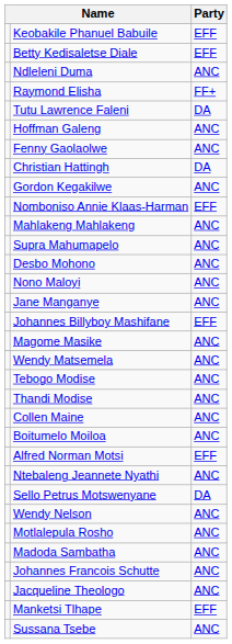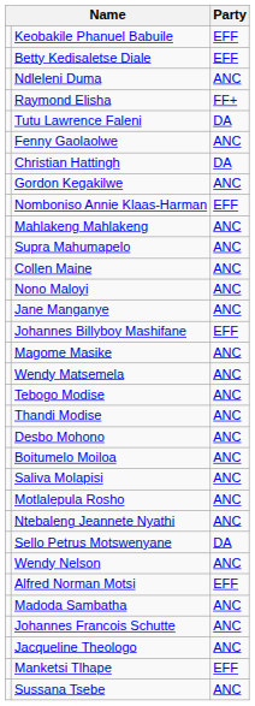 <table class="wikitable sortable">
 <tr>
 <th colspan="2">Name</th>
 <th>Party</th>
 </tr>
 <tr>
 <td></td>
 <td><a href='#'>Keobakile Phanuel Babuile</a></td>
 <td><a href='#'>EFF</a></td>
 </tr>
 <tr>
 <td></td>
 <td><a href='#'>Betty Kedisaletse Diale</a></td>
 <td><a href='#'>EFF</a></td>
 </tr>
 <tr>
 <td style="background-color: "></td>
 <td><a href='#'>Ndleleni Duma</a></td>
 <td><a href='#'>ANC</a></td>
 </tr>
 <tr>
 <td style="background-color: "></td>
 <td><a href='#'>Raymond Elisha</a></td>
 <td><a href='#'>FF+</a></td>
 </tr>
 <tr>
 <td></td>
 <td><a href='#'>Tutu Lawrence Faleni</a></td>
 <td><a href='#'>DA</a></td>
-</tr>
-<tr>
-<td style="background-color: "></td>
-<td><a href='#'>Hoffman Galeng</a></td>
-<td><a href='#'>ANC</a></td>
 </tr>
 <tr>
 <td style="background-color: "></td>
 <td><a href='#'>Fenny Gaolaolwe</a></td>
 <td><a href='#'>ANC</a></td>
 </tr>
 <tr>
 <td></td>
 <td><a href='#'>Christian Hattingh</a></td>
 <td><a href='#'>DA</a></td>
 </tr>
 <tr>
 <td style="background-color: "></td>
 <td><a href='#'>Gordon Kegakilwe</a></td>
 <td><a href='#'>ANC</a></td>
 </tr>
 <tr>
 <td></td>
 <td><a href='#'>Nomboniso Annie Klaas-Harman</a></td>
 <td><a href='#'>EFF</a></td>
 </tr>
 <tr>
 <td style="background-color: "></td>
 <td><a href='#'>Mahlakeng Mahlakeng</a></td>
 <td><a href='#'>ANC</a></td>
 </tr>
 <tr>
 <td style="background-color: "></td>
 <td><a href='#'>Supra Mahumapelo</a></td>
 <td><a href='#'>ANC</a></td>
 </tr>
 <tr>
 <td style="background-color: "></td>
-<td><a href='#'>Desbo Mohono</a></td>
+<td><a href='#'>Collen Maine</a></td>
 <td><a href='#'>ANC</a></td>
 </tr>
 <tr>
 <td style="background-color: "></td>
 <td><a href='#'>Nono Maloyi</a></td>
 <td><a href='#'>ANC</a></td>
 </tr>
 <tr>
 <td style="background-color: "></td>
 <td><a href='#'>Jane Manganye</a></td>
 <td><a href='#'>ANC</a></td>
 </tr>
 <tr>
 <td></td>
 <td><a href='#'>Johannes Billyboy Mashifane</a></td>
 <td><a href='#'>EFF</a></td>
 </tr>
 <tr>
 <td style="background-color: "></td>
 <td><a href='#'>Magome Masike</a></td>
 <td><a href='#'>ANC</a></td>
 </tr>
 <tr>
 <td style="background-color: "></td>
 <td><a href='#'>Wendy Matsemela</a></td>
 <td><a href='#'>ANC</a></td>
 </tr>
 <tr>
 <td style="background-color: "></td>
 <td><a href='#'>Tebogo Modise</a></td>
 <td><a href='#'>ANC</a></td>
 </tr>
 <tr>
 <td style="background-color: "></td>
 <td><a href='#'>Thandi Modise</a></td>
 <td><a href='#'>ANC</a></td>
 </tr>
 <tr>
 <td style="background-color: "></td>
-<td><a href='#'>Collen Maine</a></td>
+<td><a href='#'>Desbo Mohono</a></td>
 <td><a href='#'>ANC</a></td>
 </tr>
 <tr>
 <td style="background-color: "></td>
 <td><a href='#'>Boitumelo Moiloa</a></td>
 <td><a href='#'>ANC</a></td>
 </tr>
 <tr>
-<td></td>
-<td><a href='#'>Alfred Norman Motsi</a></td>
-<td><a href='#'>EFF</a></td>
+<td style="background-color: "></td>
+<td><a href='#'>Saliva Molapisi</a></td>
+<td><a href='#'>ANC</a></td>
+</tr>
+<tr>
+<td style="background-color: "></td>
+<td><a href='#'>Motlalepula Rosho</a></td>
+<td><a href='#'>ANC</a></td>
 </tr>
 <tr>
 <td style="background-color: "></td>
 <td><a href='#'>Ntebaleng Jeannete Nyathi</a></td>
 <td><a href='#'>ANC</a></td>
 </tr>
 <tr>
 <td></td>
 <td><a href='#'>Sello Petrus Motswenyane</a></td>
 <td><a href='#'>DA</a></td>
 </tr>
 <tr>
 <td style="background-color: "></td>
 <td><a href='#'>Wendy Nelson</a></td>
 <td><a href='#'>ANC</a></td>
 </tr>
 <tr>
-<td style="background-color: "></td>
-<td><a href='#'>Motlalepula Rosho</a></td>
-<td><a href='#'>ANC</a></td>
+<td></td>
+<td><a href='#'>Alfred Norman Motsi</a></td>
+<td><a href='#'>EFF</a></td>
 </tr>
 <tr>
 <td style="background-color: "></td>
 <td><a href='#'>Madoda Sambatha</a></td>
 <td><a href='#'>ANC</a></td>
 </tr>
 <tr>
 <td></td>
 <td><a href='#'>Johannes Francois Schutte</a></td>
 <td><a href='#'>ANC</a></td>
 </tr>
 <tr>
 <td></td>
 <td><a href='#'>Jacqueline Theologo</a></td>
 <td><a href='#'>ANC</a></td>
 </tr>
 <tr>
 <td style="background-color: "></td>
 <td><a href='#'>Manketsi Tlhape</a></td>
 <td><a href='#'>EFF</a></td>
 </tr>
 <tr>
 <td style="background-color: "></td>
 <td><a href='#'>Sussana Tsebe</a></td>
 <td><a href='#'>ANC</a></td>
 </tr>
 </table>
